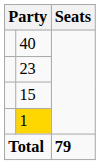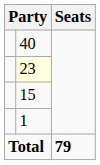 <table class="wikitable">
 <tr>
 <th colspan=2>Party</th>
 <th>Seats</th>
 </tr>
 <tr>
 <td></td>
 <td>40</td>
 </tr>
 <tr>
 <td></td>
-<td>23</td>
+<td style="background: lightyellow;">23</td>
 </tr>
 <tr>
 <td></td>
 <td>15</td>
 </tr>
 <tr>
 <td></td>
-<td style="background: gold;">1</td>
+<td>1</td>
 </tr>
 <tr>
 <td colspan="2"><strong>Total</strong></td>
 <td><strong>79</strong></td>
 </tr>
 </table>
